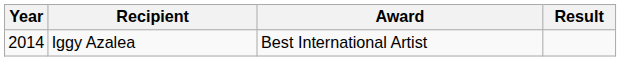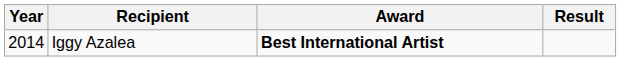 <table class="wikitable">
 <tr>
 <th>Year</th>
 <th width="200">Recipient</th>
 <th width="275">Award</th>
 <th width="65">Result</th>
 </tr>
 <tr>
 <td rowspan=2>2014</td>
 <td>Iggy Azalea</td>
-<td>Best International Artist</td>
+<td><strong>Best International Artist</strong></td>
 <td></td>
 </tr>
 </table>
